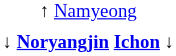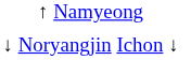 <table>
 <tr>
 <td style="text-align:center;">↑ <a href='#'>Namyeong</a></td>
 </tr>
 <tr>
 <td style="text-align:center;">                    </td>
 </tr>
 <tr>
-<td style="text-align:center;"><strong>↓ <a href='#'>Noryangjin</a>  <a href='#'>Ichon</a> ↓</strong></td>
+<td style="text-align:center;">↓ <a href='#'>Noryangjin</a>  <a href='#'>Ichon</a> ↓</td>
 </tr>
 </table>
